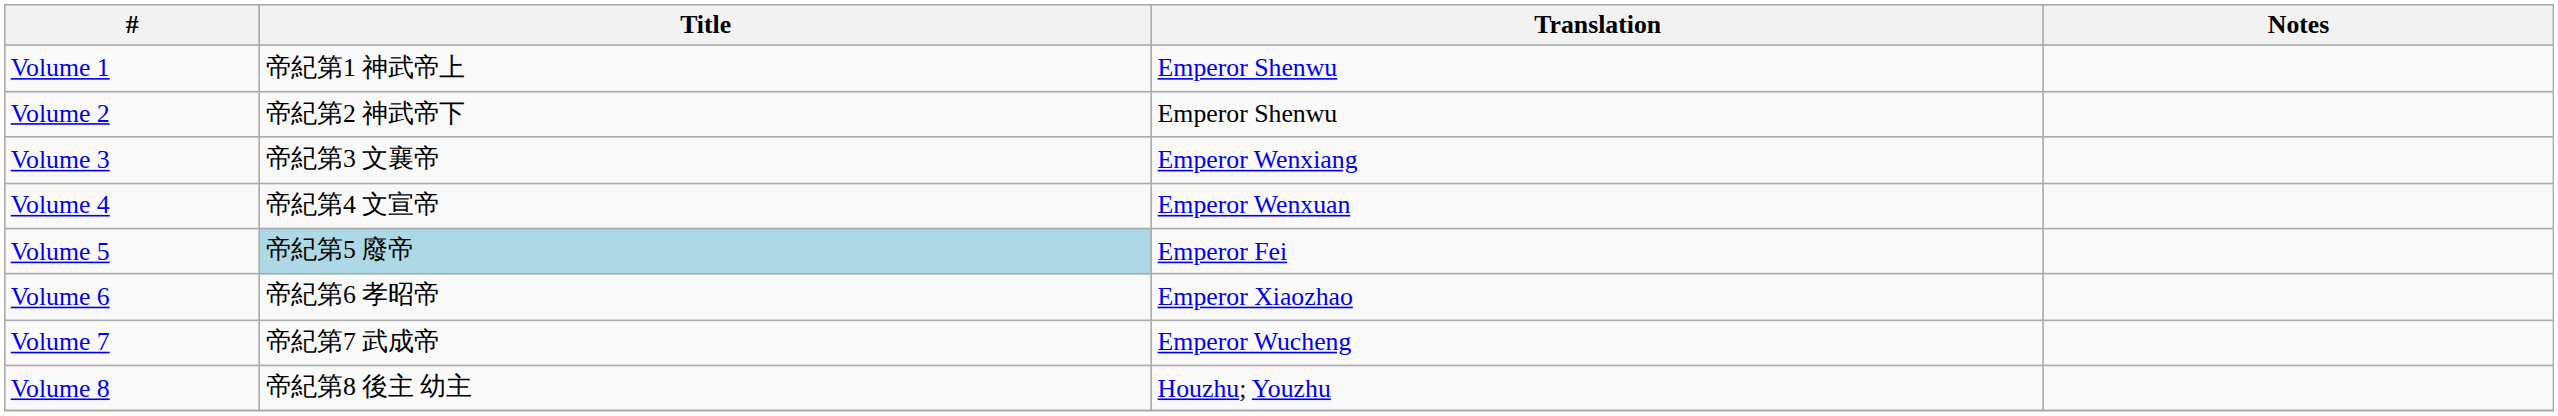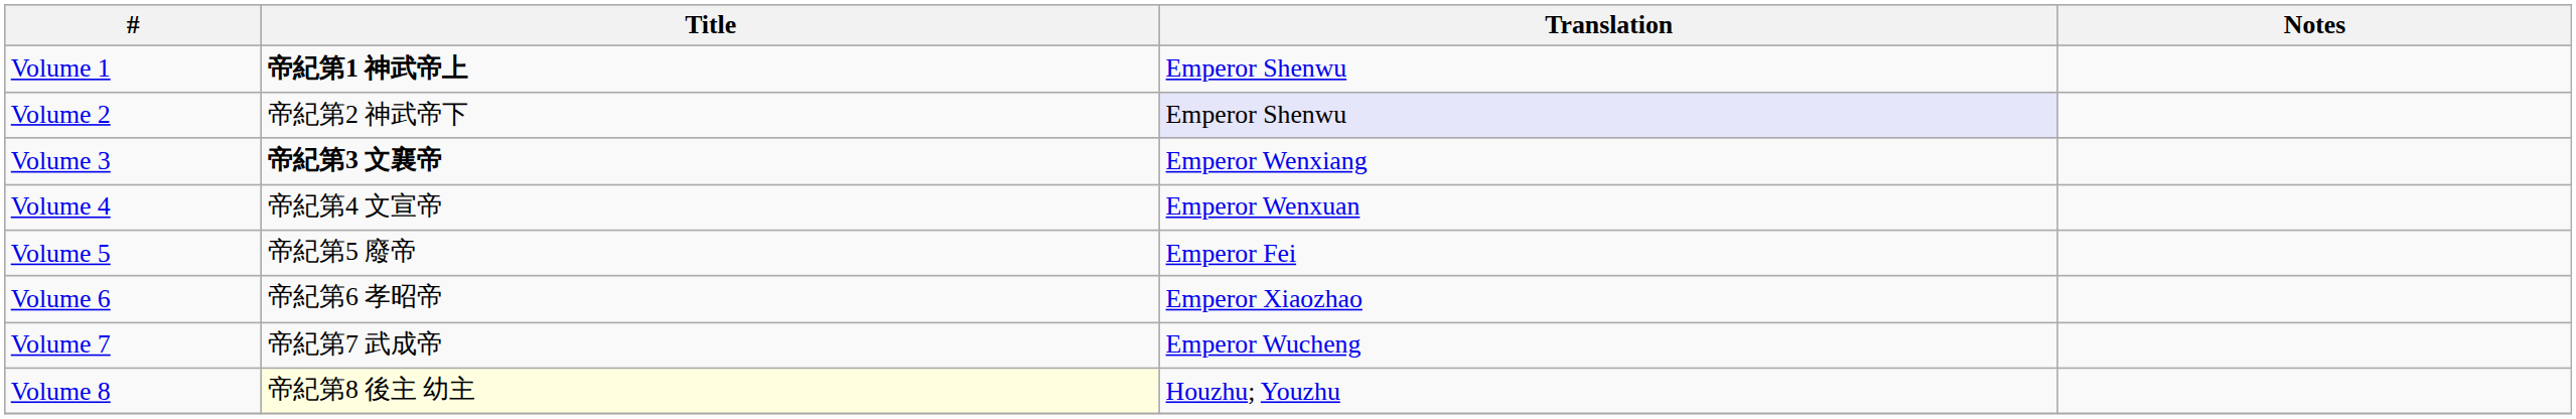 <table class=wikitable width=100%>
 <tr>
 <th width=10%>#</th>
 <th width=35%>Title</th>
 <th width=35%>Translation</th>
 <th width=20%>Notes</th>
 </tr>
 <tr>
 <td><a href='#'>Volume 1</a></td>
-<td>帝紀第1 神武帝上</td>
+<td><strong>帝紀第1 神武帝上</strong></td>
 <td><a href='#'>Emperor Shenwu</a></td>
 <td></td>
 </tr>
 <tr>
 <td><a href='#'>Volume 2</a></td>
 <td>帝紀第2 神武帝下</td>
-<td>Emperor Shenwu</td>
+<td style="background: lavender;">Emperor Shenwu</td>
 <td></td>
 </tr>
 <tr>
 <td><a href='#'>Volume 3</a></td>
-<td>帝紀第3 文襄帝</td>
+<td><strong>帝紀第3 文襄帝</strong></td>
 <td><a href='#'>Emperor Wenxiang</a></td>
 <td></td>
 </tr>
 <tr>
 <td><a href='#'>Volume 4</a></td>
 <td>帝紀第4 文宣帝</td>
 <td><a href='#'>Emperor Wenxuan</a></td>
 <td></td>
 </tr>
 <tr>
 <td><a href='#'>Volume 5</a></td>
-<td style="background: lightblue;">帝紀第5 廢帝</td>
+<td>帝紀第5 廢帝</td>
 <td><a href='#'>Emperor Fei</a></td>
 <td></td>
 </tr>
 <tr>
 <td><a href='#'>Volume 6</a></td>
 <td>帝紀第6 孝昭帝</td>
 <td><a href='#'>Emperor Xiaozhao</a></td>
 <td></td>
 </tr>
 <tr>
 <td><a href='#'>Volume 7</a></td>
 <td>帝紀第7 武成帝</td>
 <td><a href='#'>Emperor Wucheng</a></td>
 <td></td>
 </tr>
 <tr>
 <td><a href='#'>Volume 8</a></td>
-<td>帝紀第8 後主 幼主</td>
+<td style="background: lightyellow;">帝紀第8 後主 幼主</td>
 <td><a href='#'>Houzhu</a>; <a href='#'>Youzhu</a></td>
 <td></td>
 </tr>
 <tr>
 </tr>
 </table>
